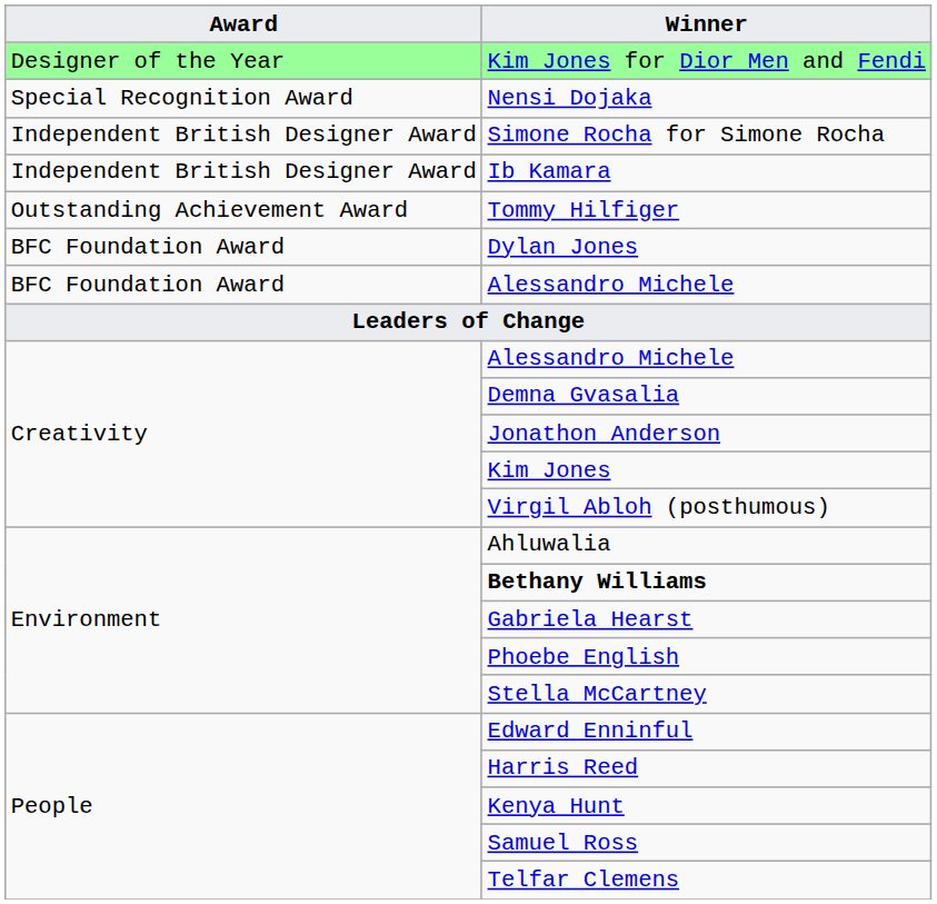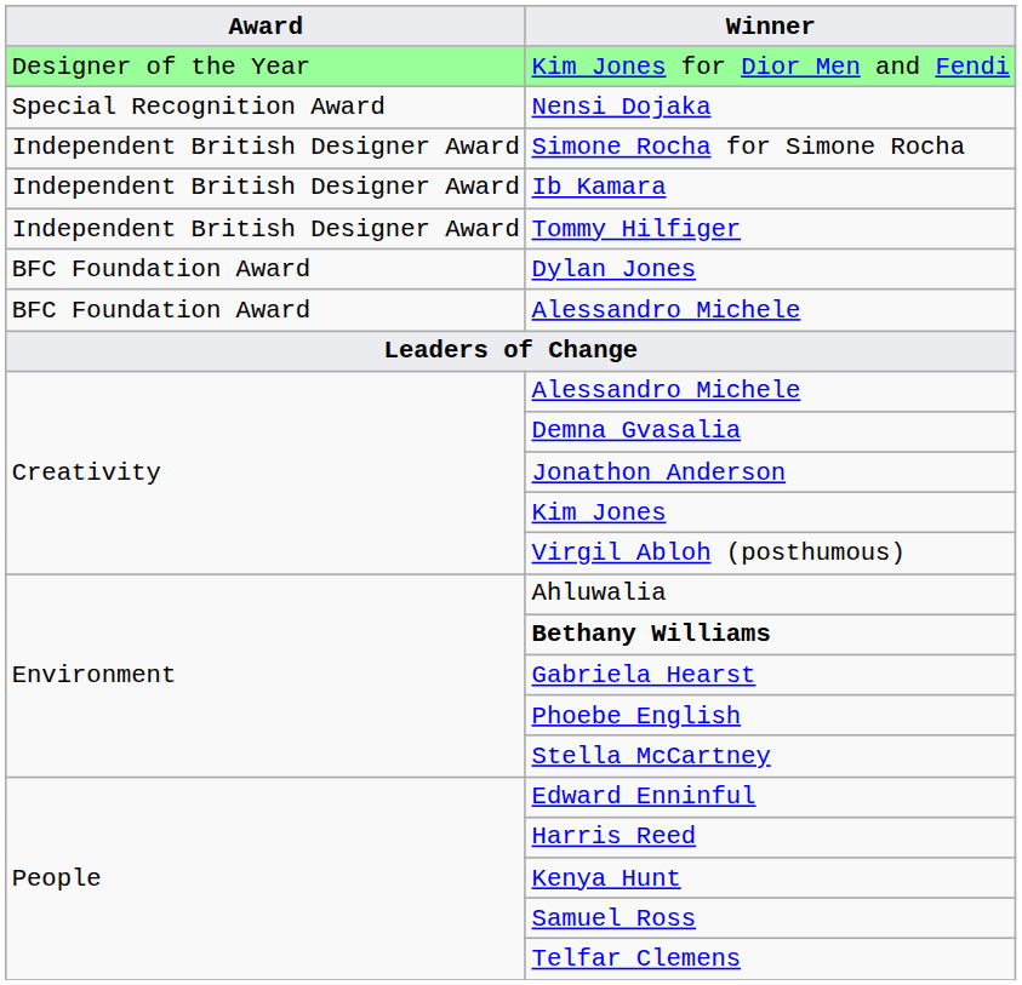 <table class="wikitable">
 <tr>
 <th style="background:#EAECF0">Award</th>
 <th style="background:#EAECF0">Winner</th>
 </tr>
 <tr>
 <td style="background:#99ff99">Designer of the Year</td>
 <td style="background:#99ff99"><a href='#'>Kim Jones</a> for <a href='#'>Dior Men</a> and <a href='#'>Fendi</a></td>
 </tr>
 <tr>
 <td>Special Recognition Award</td>
 <td><a href='#'>Nensi Dojaka</a></td>
 </tr>
 <tr>
 <td>Independent British Designer Award</td>
 <td><a href='#'>Simone Rocha</a> for Simone Rocha</td>
 </tr>
 <tr>
 <td>Independent British Designer Award</td>
 <td><a href='#'>Ib Kamara</a></td>
 </tr>
 <tr>
-<td>Outstanding Achievement Award</td>
+<td>Independent British Designer Award</td>
 <td><a href='#'>Tommy Hilfiger</a></td>
 </tr>
 <tr>
 <td>BFC Foundation Award</td>
 <td><a href='#'>Dylan Jones</a></td>
 </tr>
 <tr>
 <td>BFC Foundation Award</td>
 <td><a href='#'>Alessandro Michele</a></td>
 </tr>
 <tr>
 <td colspan="2" style="background:#EAECF0; text-align:center;"><strong>Leaders of Change</strong></td>
 </tr>
 <tr>
 <td rowspan="5">Creativity</td>
 <td><a href='#'>Alessandro Michele</a></td>
 </tr>
 <tr>
 <td><a href='#'>Demna Gvasalia</a></td>
 </tr>
 <tr>
 <td><a href='#'>Jonathon Anderson</a></td>
 </tr>
 <tr>
 <td><a href='#'>Kim Jones</a></td>
 </tr>
 <tr>
 <td><a href='#'>Virgil Abloh</a> (posthumous)</td>
 </tr>
 <tr>
 <td rowspan="5">Environment</td>
 <td>Ahluwalia</td>
 </tr>
 <tr>
 <td><strong>Bethany Williams</strong></td>
 </tr>
 <tr>
 <td><a href='#'>Gabriela Hearst</a></td>
 </tr>
 <tr>
 <td><a href='#'>Phoebe English</a></td>
 </tr>
 <tr>
 <td><a href='#'>Stella McCartney</a></td>
 </tr>
 <tr>
 <td rowspan="5">People</td>
 <td><a href='#'>Edward Enninful</a></td>
 </tr>
 <tr>
 <td><a href='#'>Harris Reed</a></td>
 </tr>
 <tr>
 <td><a href='#'>Kenya Hunt</a></td>
 </tr>
 <tr>
 <td><a href='#'>Samuel Ross</a></td>
 </tr>
 <tr>
 <td><a href='#'>Telfar Clemens</a></td>
 </tr>
 </table>
